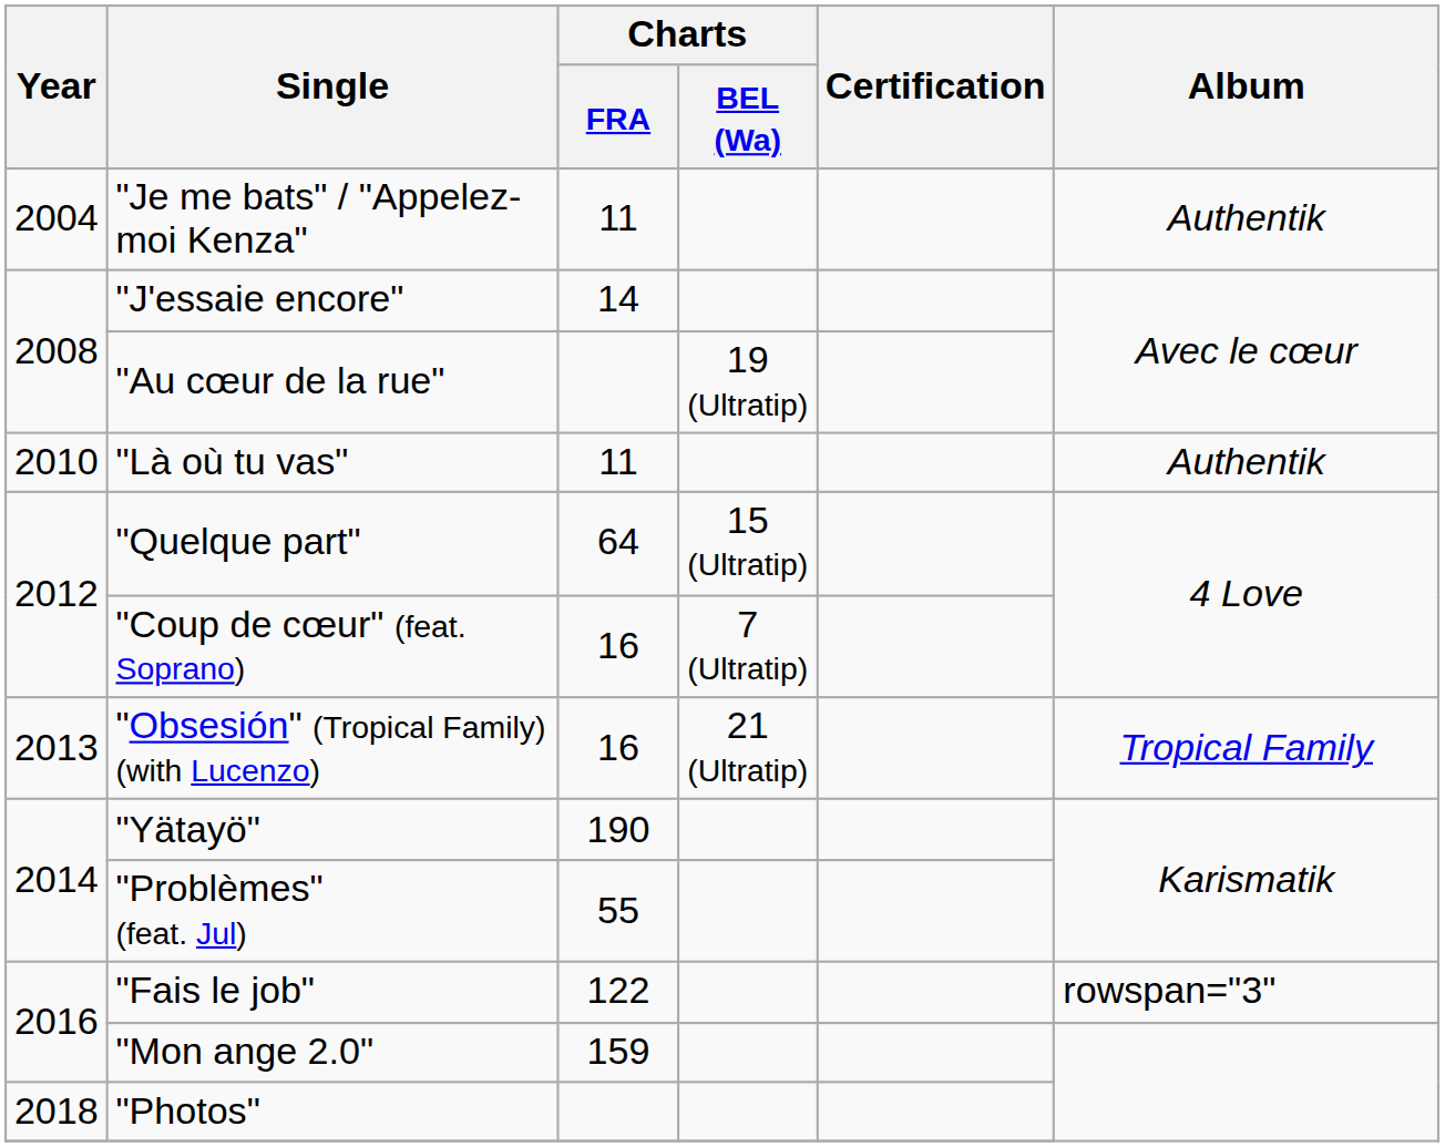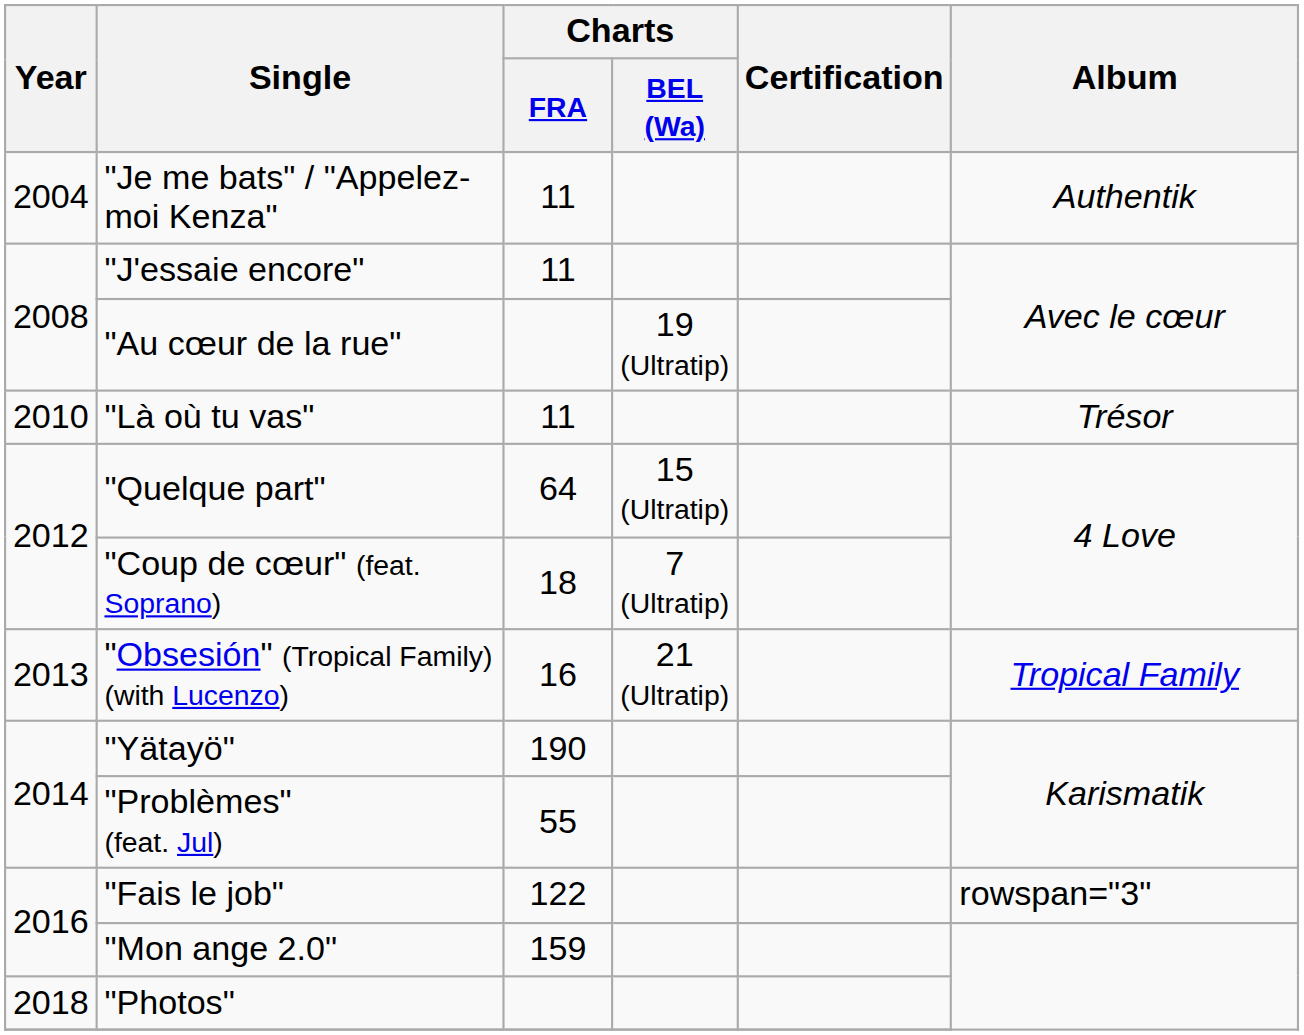 <table class="wikitable">
 <tr>
 <th align="center" rowspan="2">Year</th>
 <th align="center" rowspan="2" width="220">Single</th>
 <th align="center" colspan="2">Charts</th>
 <th align="center" rowspan="2" width="70">Certification</th>
 <th align="center" rowspan="2" width="180">Album</th>
 </tr>
 <tr>
 <th width="50"><small><a href='#'>FRA</a></small><br></th>
 <th width="50"><small><a href='#'>BEL <br>(Wa)</a></small><br></th>
 </tr>
 <tr>
 <td align="center">2004</td>
 <td>"Je me bats" / "Appelez-moi Kenza"</td>
 <td align="center">11</td>
 <td align="center"></td>
 <td align="center"></td>
 <td align="center"><em>Authentik</em></td>
 </tr>
 <tr>
 <td align="center" rowspan=2>2008</td>
 <td>"J'essaie encore"</td>
-<td align="center">14</td>
+<td align="center">11</td>
 <td align="center"></td>
 <td align="center"></td>
 <td align="center" rowspan=2><em>Avec le cœur</em></td>
 </tr>
 <tr>
 <td>"Au cœur de la rue"</td>
 <td align="center"></td>
 <td align="center">19<br><small>(Ultratip)</small></td>
 <td align="center"></td>
 </tr>
 <tr>
 <td align="center">2010</td>
 <td>"Là où tu vas"</td>
 <td align="center">11</td>
 <td align="center"></td>
 <td align="center"></td>
-<td align="center"><em>Authentik</em></td>
+<td align="center"><em>Trésor</em></td>
 </tr>
 <tr>
 <td align="center" rowspan=2>2012</td>
 <td>"Quelque part"</td>
 <td align="center">64</td>
 <td align="center">15<br><small>(Ultratip)</small></td>
 <td align="center"></td>
 <td align="center" rowspan=2><em>4 Love</em></td>
 </tr>
 <tr>
 <td>"Coup de cœur" <small>(feat. <a href='#'>Soprano</a>)</small></td>
-<td align="center">16</td>
+<td align="center">18</td>
 <td align="center">7<br><small>(Ultratip)</small></td>
 <td align="center"></td>
 </tr>
 <tr>
 <td align="center">2013</td>
 <td>"<a href='#'>Obsesión</a>" <small>(Tropical Family)</small><br><small>(with <a href='#'>Lucenzo</a>)</small></td>
 <td align="center">16</td>
 <td align="center">21<br><small>(Ultratip)</small></td>
 <td align="center"></td>
 <td align="center"><em><a href='#'>Tropical Family</a></em></td>
 </tr>
 <tr>
 <td align="center" rowspan=2>2014</td>
 <td>"Yätayö"</td>
 <td align="center">190</td>
 <td align="center"></td>
 <td align="center"></td>
 <td align="center" rowspan=2><em>Karismatik</em></td>
 </tr>
 <tr>
 <td>"Problèmes" <br><small>(feat. <a href='#'>Jul</a>)</small></td>
 <td align="center">55</td>
 <td align="center"></td>
 <td align="center"></td>
 </tr>
 <tr>
 <td align="center" rowspan="2">2016</td>
 <td>"Fais le job"</td>
 <td align="center">122</td>
 <td align="center"></td>
 <td align="center"></td>
 <td>rowspan="3" </td>
 </tr>
 <tr>
 <td>"Mon ange 2.0"</td>
 <td align="center">159<br></td>
 <td align="center"></td>
 <td align="center"></td>
 </tr>
 <tr>
 <td align="center">2018</td>
 <td>"Photos"</td>
 <td align="center"></td>
 <td align="center"></td>
 <td align="center"></td>
 </tr>
 <tr>
 </tr>
 </table>
